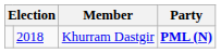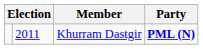 <table class="wikitable">
 <tr>
 <th colspan="2">Election</th>
 <th>Member</th>
 <th>Party</th>
 </tr>
 <tr>
 <td style="background-color: "></td>
-<td><a href='#'>2018</a></td>
+<td><a href='#'>2011</a></td>
 <td><a href='#'>Khurram Dastgir</a></td>
 <td><strong><a href='#'>PML (N)</a></strong></td>
 </tr>
 </table>
